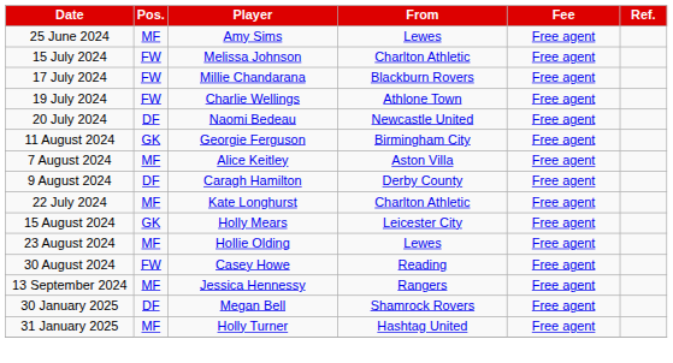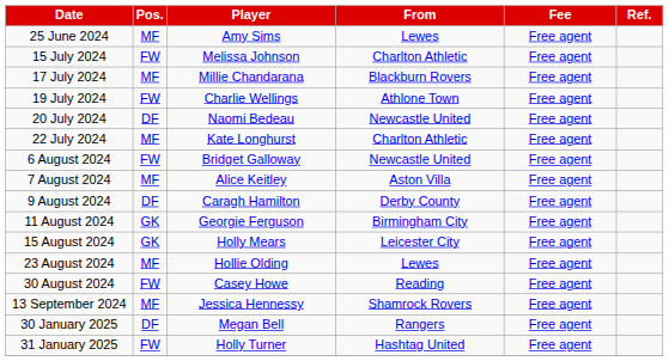 <table class="wikitable" style="text-align:center;">
 <tr>
 <th style="background:#DD0000; color:#FFFFFF; width:150px;">Date</th>
 <th style="background:#DD0000; color:#FFFFFF; width:20px;">Pos.</th>
 <th style="background:#DD0000; color:#FFFFFF; width:200px;">Player</th>
 <th style="background:#DD0000; color:#FFFFFF; width:200px;">From</th>
 <th style="background:#DD0000; color:#FFFFFF; width:130px;">Fee</th>
 <th style="background:#DD0000; color:#FFFFFF; width:50px;">Ref.</th>
 </tr>
 <tr>
 <td>25 June 2024</td>
 <td><a href='#'>MF</a></td>
 <td><a href='#'>Amy Sims</a></td>
 <td><a href='#'>Lewes</a></td>
 <td><a href='#'>Free agent</a></td>
 <td></td>
 </tr>
 <tr>
 <td>15 July 2024</td>
 <td><a href='#'>FW</a></td>
 <td><a href='#'>Melissa Johnson</a></td>
 <td><a href='#'>Charlton Athletic</a></td>
 <td><a href='#'>Free agent</a></td>
 <td></td>
 </tr>
 <tr>
 <td>17 July 2024</td>
-<td><a href='#'>FW</a></td>
+<td><a href='#'>MF</a></td>
 <td><a href='#'>Millie Chandarana</a></td>
 <td><a href='#'>Blackburn Rovers</a></td>
 <td><a href='#'>Free agent</a></td>
 <td></td>
 </tr>
 <tr>
 <td>19 July 2024</td>
 <td><a href='#'>FW</a></td>
 <td><a href='#'>Charlie Wellings</a></td>
 <td><a href='#'>Athlone Town</a></td>
 <td><a href='#'>Free agent</a></td>
 <td></td>
 </tr>
 <tr>
 <td>20 July 2024</td>
 <td><a href='#'>DF</a></td>
 <td><a href='#'>Naomi Bedeau</a></td>
 <td><a href='#'>Newcastle United</a></td>
 <td><a href='#'>Free agent</a></td>
 <td></td>
 </tr>
 <tr>
-<td>11 August 2024</td>
-<td><a href='#'>GK</a></td>
-<td><a href='#'>Georgie Ferguson</a></td>
-<td><a href='#'>Birmingham City</a></td>
+<td>22 July 2024</td>
+<td><a href='#'>MF</a></td>
+<td><a href='#'>Kate Longhurst</a></td>
+<td><a href='#'>Charlton Athletic</a></td>
+<td><a href='#'>Free agent</a></td>
+<td></td>
+</tr>
+<tr>
+<td>6 August 2024</td>
+<td><a href='#'>FW</a></td>
+<td><a href='#'>Bridget Galloway</a></td>
+<td><a href='#'>Newcastle United</a></td>
 <td><a href='#'>Free agent</a></td>
 <td></td>
 </tr>
 <tr>
 <td>7 August 2024</td>
 <td><a href='#'>MF</a></td>
 <td><a href='#'>Alice Keitley</a></td>
 <td><a href='#'>Aston Villa</a></td>
 <td><a href='#'>Free agent</a></td>
 <td></td>
 </tr>
 <tr>
 <td>9 August 2024</td>
 <td><a href='#'>DF</a></td>
 <td><a href='#'>Caragh Hamilton</a></td>
 <td><a href='#'>Derby County</a></td>
 <td><a href='#'>Free agent</a></td>
 <td></td>
 </tr>
 <tr>
-<td>22 July 2024</td>
-<td><a href='#'>MF</a></td>
-<td><a href='#'>Kate Longhurst</a></td>
-<td><a href='#'>Charlton Athletic</a></td>
+<td>11 August 2024</td>
+<td><a href='#'>GK</a></td>
+<td><a href='#'>Georgie Ferguson</a></td>
+<td><a href='#'>Birmingham City</a></td>
 <td><a href='#'>Free agent</a></td>
 <td></td>
 </tr>
 <tr>
 <td>15 August 2024</td>
 <td><a href='#'>GK</a></td>
 <td><a href='#'>Holly Mears</a></td>
 <td><a href='#'>Leicester City</a></td>
 <td><a href='#'>Free agent</a></td>
 <td></td>
 </tr>
 <tr>
 <td>23 August 2024</td>
 <td><a href='#'>MF</a></td>
 <td><a href='#'>Hollie Olding</a></td>
 <td><a href='#'>Lewes</a></td>
 <td><a href='#'>Free agent</a></td>
 <td></td>
 </tr>
 <tr>
 <td>30 August 2024</td>
 <td><a href='#'>FW</a></td>
 <td><a href='#'>Casey Howe</a></td>
 <td><a href='#'>Reading</a></td>
 <td><a href='#'>Free agent</a></td>
 <td></td>
 </tr>
 <tr>
 <td>13 September 2024</td>
 <td><a href='#'>MF</a></td>
 <td><a href='#'>Jessica Hennessy</a></td>
-<td><a href='#'>Rangers</a></td>
+<td><a href='#'>Shamrock Rovers</a></td>
 <td><a href='#'>Free agent</a></td>
 <td></td>
 </tr>
 <tr>
 <td>30 January 2025</td>
 <td><a href='#'>DF</a></td>
 <td><a href='#'>Megan Bell</a></td>
-<td><a href='#'>Shamrock Rovers</a></td>
+<td><a href='#'>Rangers</a></td>
 <td><a href='#'>Free agent</a></td>
 <td></td>
 </tr>
 <tr>
 <td>31 January 2025</td>
-<td><a href='#'>MF</a></td>
+<td><a href='#'>FW</a></td>
 <td><a href='#'>Holly Turner</a></td>
 <td><a href='#'>Hashtag United</a></td>
 <td><a href='#'>Free agent</a></td>
 <td></td>
 </tr>
 <tr>
 </tr>
 </table>
